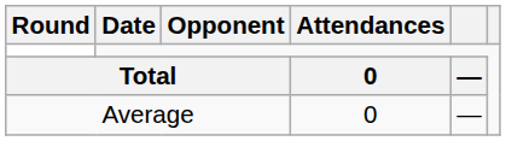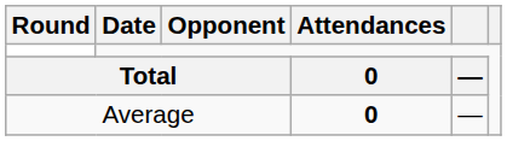 <table class="wikitable sortable mw-collapsible mw-collapsed" style="text-align:center; font-size:85%;">
 <tr>
 <th scope="col">Round</th>
 <th scope="col">Date</th>
 <th scope="col">Opponent</th>
 <th scope="col">Attendances</th>
 <th scope="col"></th>
 <th scope="col"></th>
 </tr>
 <tr bgcolor="white">
 <td></td>
 </tr>
 <tr>
 <th colspan="3">Total</th>
 <th>0</th>
 <th>—</th>
 </tr>
 <tr>
 <td colspan="3">Average</td>
-<td>0</td>
+<td><strong>0</strong></td>
 <td>—</td>
 </tr>
 </table>
